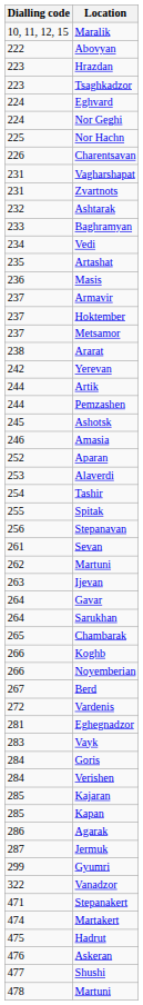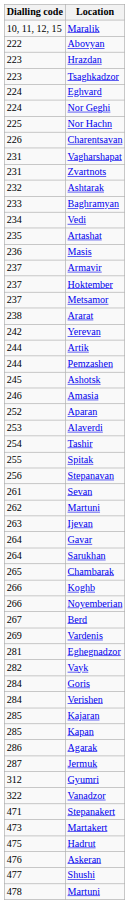 <table class="sortable wikitable">
 <tr>
 <th>Dialling code</th>
 <th>Location</th>
 </tr>
 <tr>
 <td>10, 11, 12, 15</td>
 <td><a href='#'>Maralik</a></td>
 </tr>
 <tr>
 <td>222</td>
 <td><a href='#'>Abovyan</a></td>
 </tr>
 <tr>
 <td>223</td>
 <td><a href='#'>Hrazdan</a></td>
 </tr>
 <tr>
 <td>223</td>
 <td><a href='#'>Tsaghkadzor</a></td>
 </tr>
 <tr>
 <td>224</td>
 <td><a href='#'>Eghvard</a></td>
 </tr>
 <tr>
 <td>224</td>
 <td><a href='#'>Nor Geghi</a></td>
 </tr>
 <tr>
 <td>225</td>
 <td><a href='#'>Nor Hachn</a></td>
 </tr>
 <tr>
 <td>226</td>
 <td><a href='#'>Charentsavan</a></td>
 </tr>
 <tr>
 <td>231</td>
 <td><a href='#'>Vagharshapat</a></td>
 </tr>
 <tr>
 <td>231</td>
 <td><a href='#'>Zvartnots</a></td>
 </tr>
 <tr>
 <td>232</td>
 <td><a href='#'>Ashtarak</a></td>
 </tr>
 <tr>
 <td>233</td>
 <td><a href='#'>Baghramyan</a></td>
 </tr>
 <tr>
 <td>234</td>
 <td><a href='#'>Vedi</a></td>
 </tr>
 <tr>
 <td>235</td>
 <td><a href='#'>Artashat</a></td>
 </tr>
 <tr>
 <td>236</td>
 <td><a href='#'>Masis</a></td>
 </tr>
 <tr>
 <td>237</td>
 <td><a href='#'>Armavir</a></td>
 </tr>
 <tr>
 <td>237</td>
 <td><a href='#'>Hoktember</a></td>
 </tr>
 <tr>
 <td>237</td>
 <td><a href='#'>Metsamor</a></td>
 </tr>
 <tr>
 <td>238</td>
 <td><a href='#'>Ararat</a></td>
 </tr>
 <tr>
 <td>242</td>
 <td><a href='#'>Yerevan</a></td>
 </tr>
 <tr>
 <td>244</td>
 <td><a href='#'>Artik</a></td>
 </tr>
 <tr>
 <td>244</td>
 <td><a href='#'>Pemzashen</a></td>
 </tr>
 <tr>
 <td>245</td>
 <td><a href='#'>Ashotsk</a></td>
 </tr>
 <tr>
 <td>246</td>
 <td><a href='#'>Amasia</a></td>
 </tr>
 <tr>
 <td>252</td>
 <td><a href='#'>Aparan</a></td>
 </tr>
 <tr>
 <td>253</td>
 <td><a href='#'>Alaverdi</a></td>
 </tr>
 <tr>
 <td>254</td>
 <td><a href='#'>Tashir</a></td>
 </tr>
 <tr>
 <td>255</td>
 <td><a href='#'>Spitak</a></td>
 </tr>
 <tr>
 <td>256</td>
 <td><a href='#'>Stepanavan</a></td>
 </tr>
 <tr>
 <td>261</td>
 <td><a href='#'>Sevan</a></td>
 </tr>
 <tr>
 <td>262</td>
 <td><a href='#'>Martuni</a></td>
 </tr>
 <tr>
 <td>263</td>
 <td><a href='#'>Ijevan</a></td>
 </tr>
 <tr>
 <td>264</td>
 <td><a href='#'>Gavar</a></td>
 </tr>
 <tr>
 <td>264</td>
 <td><a href='#'>Sarukhan</a></td>
 </tr>
 <tr>
 <td>265</td>
 <td><a href='#'>Chambarak</a></td>
 </tr>
 <tr>
 <td>266</td>
 <td><a href='#'>Koghb</a></td>
 </tr>
 <tr>
 <td>266</td>
 <td><a href='#'>Noyemberian</a></td>
 </tr>
 <tr>
 <td>267</td>
 <td><a href='#'>Berd</a></td>
 </tr>
 <tr>
-<td>272</td>
+<td>269</td>
 <td><a href='#'>Vardenis</a></td>
 </tr>
 <tr>
 <td>281</td>
 <td><a href='#'>Eghegnadzor</a></td>
 </tr>
 <tr>
-<td>283</td>
+<td>282</td>
 <td><a href='#'>Vayk</a></td>
 </tr>
 <tr>
 <td>284</td>
 <td><a href='#'>Goris</a></td>
 </tr>
 <tr>
 <td>284</td>
 <td><a href='#'>Verishen</a></td>
 </tr>
 <tr>
 <td>285</td>
 <td><a href='#'>Kajaran</a></td>
 </tr>
 <tr>
 <td>285</td>
 <td><a href='#'>Kapan</a></td>
 </tr>
 <tr>
 <td>286</td>
 <td><a href='#'>Agarak</a></td>
 </tr>
 <tr>
 <td>287</td>
 <td><a href='#'>Jermuk</a></td>
 </tr>
 <tr>
-<td>299</td>
+<td>312</td>
 <td><a href='#'>Gyumri</a></td>
 </tr>
 <tr>
 <td>322</td>
 <td><a href='#'>Vanadzor</a></td>
 </tr>
 <tr>
 <td>471</td>
 <td><a href='#'>Stepanakert</a></td>
 </tr>
 <tr>
-<td>474</td>
+<td>473</td>
 <td><a href='#'>Martakert</a></td>
 </tr>
 <tr>
 <td>475</td>
 <td><a href='#'>Hadrut</a></td>
 </tr>
 <tr>
 <td>476</td>
 <td><a href='#'>Askeran</a></td>
 </tr>
 <tr>
 <td>477</td>
 <td><a href='#'>Shushi</a></td>
 </tr>
 <tr>
 <td>478</td>
 <td><a href='#'>Martuni</a></td>
 </tr>
 </table>
